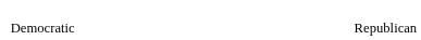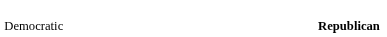 <table style="width:50em; text-align:center">
 <tr style="color:white">
 <td style="background:"><strong>57</strong></td>
 <td style="background:"><strong>43</strong></td>
 </tr>
 <tr>
 <td>Democratic</td>
-<td>Republican</td>
+<td><strong>Republican</strong></td>
 </tr>
 </table>
